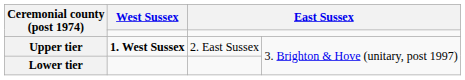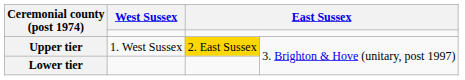 <table class="wikitable">
 <tr>
 <th rowspan="2">Ceremonial county<br>(post 1974)</th>
 <th><a href='#'>West Sussex</a></th>
 <th colspan="2"><a href='#'>East Sussex</a></th>
 </tr>
 <tr>
 <td></td>
 <td colspan="2"></td>
 </tr>
 <tr>
 <th>Upper tier</th>
-<td><strong>1. West Sussex</strong></td>
-<td>2. East Sussex</td>
+<td>1. West Sussex</td>
+<td style="background: gold;">2. East Sussex</td>
 <td rowspan="2">3. <a href='#'>Brighton & Hove</a> (unitary, post 1997)</td>
 </tr>
 <tr>
 <th>Lower tier</th>
 <td></td>
 <td></td>
 </tr>
 </table>
